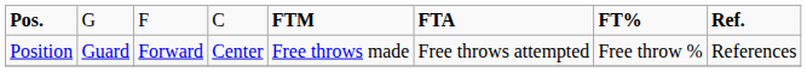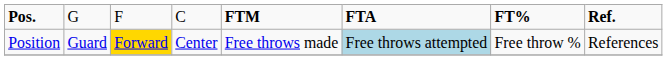 <table class="wikitable">
 <tr>
 <td><strong>Pos.</strong></td>
 <td>G</td>
 <td>F</td>
 <td>C</td>
 <td><strong>FTM</strong></td>
 <td><strong>FTA</strong></td>
 <td><strong>FT%</strong></td>
 <td><strong>Ref.</strong></td>
 </tr>
 <tr>
 <td><a href='#'>Position</a></td>
 <td><a href='#'>Guard</a></td>
-<td><a href='#'>Forward</a></td>
+<td style="background: gold;"><a href='#'>Forward</a></td>
 <td><a href='#'>Center</a></td>
 <td><a href='#'>Free throws</a> made</td>
-<td>Free throws attempted</td>
+<td style="background: lightblue;">Free throws attempted</td>
 <td>Free throw %</td>
 <td>References</td>
 </tr>
 <tr>
 </tr>
 </table>
